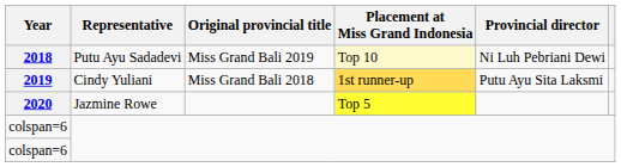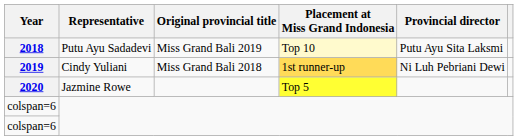 <table class="wikitable defaultcenter col2left col5left" style="font-size:95%;">
 <tr>
 <th>Year</th>
 <th>Representative</th>
 <th>Original provincial title</th>
 <th>Placement at<br>Miss Grand Indonesia</th>
 <th>Provincial director</th>
 <th></th>
 </tr>
 <tr>
 <th><a href='#'>2018</a></th>
 <td>Putu Ayu Sadadevi</td>
 <td>Miss Grand Bali 2019</td>
 <td bgcolor=#FFFACD>Top 10</td>
-<td>Ni Luh Pebriani Dewi</td>
+<td>Putu Ayu Sita Laksmi</td>
 <td></td>
 </tr>
 <tr>
 <th><a href='#'>2019</a></th>
 <td>Cindy Yuliani</td>
 <td>Miss Grand Bali 2018</td>
 <td bgcolor=#FFDB58>1st runner-up</td>
-<td>Putu Ayu Sita Laksmi</td>
+<td>Ni Luh Pebriani Dewi</td>
 <td></td>
 </tr>
 <tr>
 <th><a href='#'>2020</a></th>
 <td>Jazmine Rowe</td>
 <td></td>
 <td bgcolor=#FFFF33>Top 5</td>
 <td></td>
 <td></td>
 </tr>
 <tr>
 <td>colspan=6 </td>
 </tr>
 <tr>
 <td>colspan=6 </td>
 </tr>
 </table>
